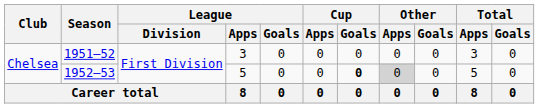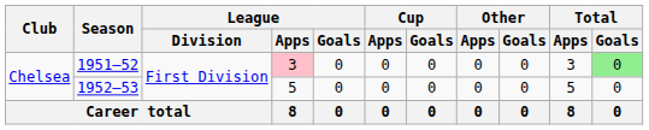 <table class="wikitable" style="text-align: center">
 <tr>
 <th rowspan="2">Club</th>
 <th rowspan="2">Season</th>
 <th colspan="3">League</th>
 <th colspan="2">Cup</th>
 <th colspan="2">Other</th>
 <th colspan="2">Total</th>
 </tr>
 <tr>
 <th>Division</th>
 <th>Apps</th>
 <th>Goals</th>
 <th>Apps</th>
 <th>Goals</th>
 <th>Apps</th>
 <th>Goals</th>
 <th>Apps</th>
 <th>Goals</th>
 </tr>
 <tr>
 <td rowspan="2"><a href='#'>Chelsea</a></td>
 <td><a href='#'>1951–52</a></td>
 <td rowspan="2"><a href='#'>First Division</a></td>
-<td>3</td>
+<td style="background: pink;">3</td>
 <td>0</td>
 <td>0</td>
 <td>0</td>
 <td>0</td>
 <td>0</td>
 <td>3</td>
-<td>0</td>
+<td style="background: lightgreen;">0</td>
 </tr>
 <tr>
 <td><a href='#'>1952–53</a></td>
 <td>5</td>
 <td>0</td>
 <td>0</td>
-<td><strong>0</strong></td>
-<td style="background: lightgrey;">0</td>
+<td>0</td>
+<td>0</td>
 <td>0</td>
 <td>5</td>
 <td>0</td>
 </tr>
 <tr>
 <th colspan="3"><strong>Career total</strong></th>
 <th>8</th>
 <th>0</th>
 <th>0</th>
 <th>0</th>
 <th>0</th>
 <th>0</th>
 <th>8</th>
 <th>0</th>
 </tr>
 </table>
